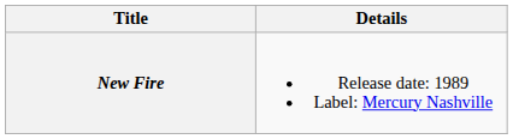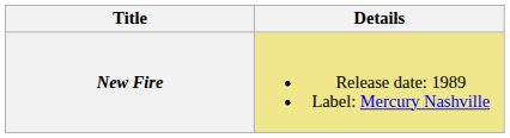 <table class="wikitable plainrowheaders" style="text-align:center;">
 <tr>
 <th style="width:14em;">Title</th>
 <th style="width:14em;">Details</th>
 </tr>
 <tr>
 <th scope="row"><em>New Fire</em></th>
-<td><br><ul><li>Release date: 1989</li><li>Label: <a href='#'>Mercury Nashville</a></li></ul></td>
+<td style="background: khaki;"><br><ul><li>Release date: 1989</li><li>Label: <a href='#'>Mercury Nashville</a></li></ul></td>
 </tr>
 </table>
